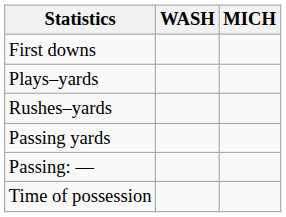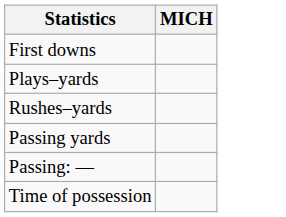 <table class="wikitable" style="float:left">
 <tr>
 <th>Statistics</th>
-<th>WASH</th>
 <th>MICH</th>
 </tr>
 <tr>
 <td>First downs</td>
 <td></td>
-<td></td>
 </tr>
 <tr>
 <td>Plays–yards</td>
-<td></td>
 <td></td>
 </tr>
 <tr>
 <td>Rushes–yards</td>
 <td></td>
-<td></td>
 </tr>
 <tr>
 <td>Passing yards</td>
-<td></td>
 <td></td>
 </tr>
 <tr>
 <td>Passing: ––</td>
 <td></td>
-<td></td>
 </tr>
 <tr>
 <td>Time of possession</td>
 <td></td>
-<td></td>
 </tr>
 </table>
